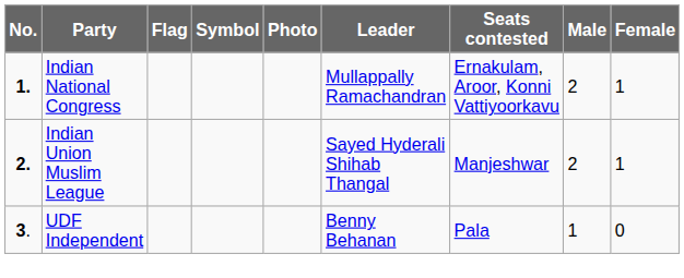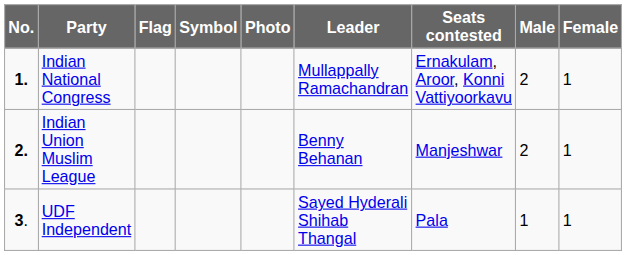 <table class="wikitable sortable" width="65%" style="font-size: 95%;">
 <tr>
 <th style="background-color:#666666; color:white">No.</th>
 <th style="background-color:#666666; color:white">Party</th>
 <th style="background-color:#666666; color:white">Flag</th>
 <th style="background-color:#666666; color:white">Symbol</th>
 <th style="background-color:#666666; color:white">Photo</th>
 <th style="background-color:#666666; color:white">Leader</th>
 <th style="background-color:#666666; color:white">Seats contested</th>
 <th style="background-color:#666666; color:white">Male</th>
 <th style="background-color:#666666; color:white">Female</th>
 </tr>
 <tr>
 <td ! style="text-align:center; background:"><strong>1.</strong></td>
 <td><a href='#'>Indian National Congress</a></td>
 <td></td>
 <td></td>
 <td></td>
 <td><a href='#'>Mullappally Ramachandran</a></td>
 <td><a href='#'>Ernakulam</a>, <a href='#'>Aroor</a>, <a href='#'>Konni</a> <a href='#'>Vattiyoorkavu</a></td>
 <td>2</td>
 <td>1</td>
 </tr>
 <tr>
 <td ! style="text-align:center; background:"><strong>2.</strong></td>
 <td><a href='#'>Indian Union Muslim League</a></td>
 <td></td>
 <td></td>
 <td></td>
-<td><a href='#'>Sayed Hyderali Shihab Thangal</a></td>
+<td><a href='#'>Benny Behanan</a></td>
 <td><a href='#'>Manjeshwar</a></td>
 <td>2</td>
 <td>1</td>
 </tr>
 <tr>
 <td ! style="text-align:center; background:"><strong>3</strong>.</td>
 <td><a href='#'>UDF Independent</a></td>
 <td></td>
 <td></td>
 <td></td>
-<td><a href='#'>Benny Behanan</a></td>
+<td><a href='#'>Sayed Hyderali Shihab Thangal</a></td>
 <td><a href='#'>Pala</a></td>
 <td>1</td>
-<td>0</td>
+<td>1</td>
 </tr>
 </table>
